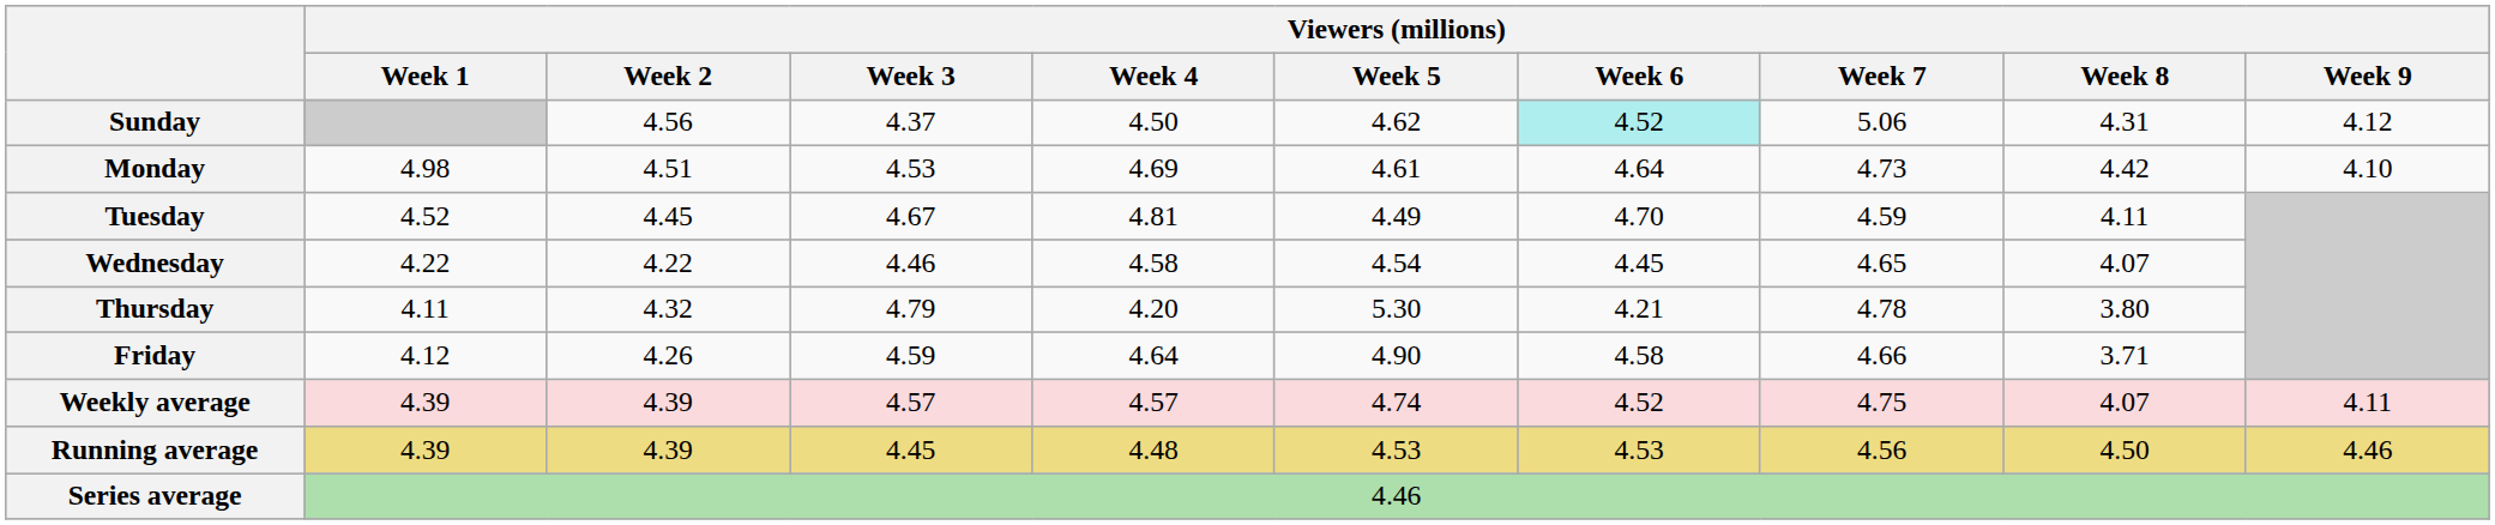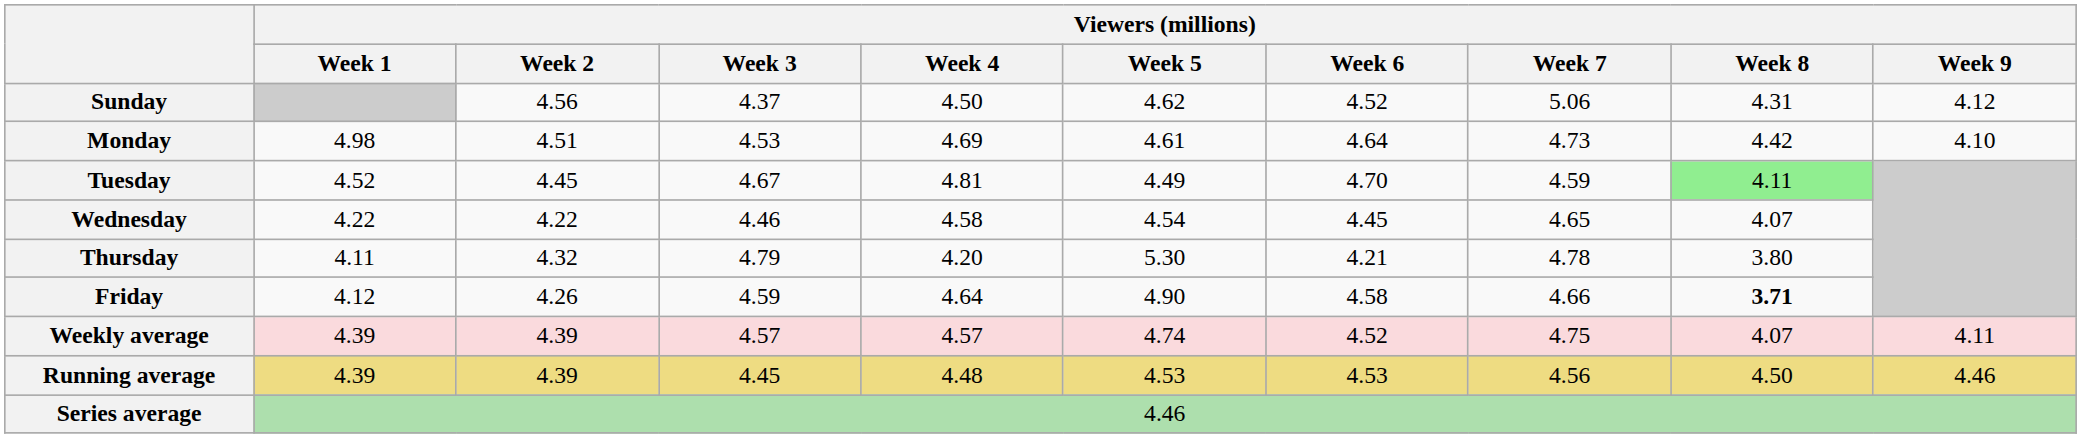 <table class="wikitable" style="font-size:90%; text-align:center; width: 100%; margin-left: auto; margin-right: auto;">
 <tr>
 <th scope="col" rowspan="2" style="width:12%;"></th>
 <th scope=col colspan=13>Viewers (millions)</th>
 </tr>
 <tr>
 <th>Week 1</th>
 <th>Week 2</th>
 <th>Week 3</th>
 <th>Week 4</th>
 <th>Week 5</th>
 <th>Week 6</th>
 <th>Week 7</th>
 <th>Week 8</th>
 <th>Week 9</th>
 </tr>
 <tr>
 <th>Sunday</th>
 <td bgcolor="#CCCCCC"></td>
 <td>4.56</td>
 <td>4.37</td>
 <td>4.50</td>
 <td>4.62</td>
-<td style="background: paleturquoise;">4.52</td>
+<td>4.52</td>
 <td>5.06</td>
 <td>4.31</td>
 <td>4.12</td>
 </tr>
 <tr>
 <th>Monday</th>
 <td>4.98</td>
 <td>4.51</td>
 <td>4.53</td>
 <td>4.69</td>
 <td>4.61</td>
 <td>4.64</td>
 <td>4.73</td>
 <td>4.42</td>
 <td>4.10</td>
 </tr>
 <tr>
 <th>Tuesday</th>
 <td>4.52</td>
 <td>4.45</td>
 <td>4.67</td>
 <td>4.81</td>
 <td>4.49</td>
 <td>4.70</td>
 <td>4.59</td>
-<td>4.11</td>
+<td style="background: lightgreen;">4.11</td>
 <td bgcolor="#CCCCCC" rowspan=4></td>
 </tr>
 <tr>
 <th>Wednesday</th>
 <td>4.22</td>
 <td>4.22</td>
 <td>4.46</td>
 <td>4.58</td>
 <td>4.54</td>
 <td>4.45</td>
 <td>4.65</td>
 <td>4.07</td>
 </tr>
 <tr>
 <th>Thursday</th>
 <td>4.11</td>
 <td>4.32</td>
 <td>4.79</td>
 <td>4.20</td>
 <td>5.30</td>
 <td>4.21</td>
 <td>4.78</td>
 <td>3.80</td>
 </tr>
 <tr>
 <th>Friday</th>
 <td>4.12</td>
 <td>4.26</td>
 <td>4.59</td>
 <td>4.64</td>
 <td>4.90</td>
 <td>4.58</td>
 <td>4.66</td>
-<td>3.71</td>
+<td><strong>3.71</strong></td>
 </tr>
 <tr>
 <th>Weekly average</th>
 <td style="background:#FADADD;">4.39</td>
 <td style="background:#FADADD;">4.39</td>
 <td style="background:#FADADD;">4.57</td>
 <td style="background:#FADADD;">4.57</td>
 <td style="background:#FADADD;">4.74</td>
 <td style="background:#FADADD;">4.52</td>
 <td style="background:#FADADD;">4.75</td>
 <td style="background:#FADADD;">4.07</td>
 <td style="background:#FADADD;">4.11</td>
 </tr>
 <tr>
 <th>Running average</th>
 <td style="background:#EEDC82;">4.39</td>
 <td style="background:#EEDC82;">4.39</td>
 <td style="background:#EEDC82;">4.45</td>
 <td style="background:#EEDC82;">4.48</td>
 <td style="background:#EEDC82;">4.53</td>
 <td style="background:#EEDC82;">4.53</td>
 <td style="background:#EEDC82;">4.56</td>
 <td style="background:#EEDC82;">4.50</td>
 <td style="background:#EEDC82;">4.46</td>
 </tr>
 <tr>
 <th>Series average</th>
 <td colspan="9" style="background:#ADDFAD;">4.46</td>
 </tr>
 </table>
